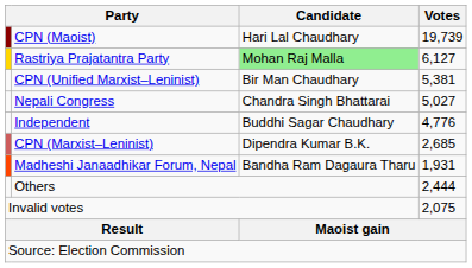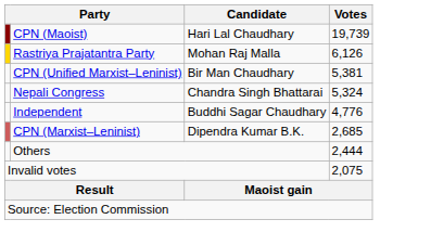 <table class="wikitable">
 <tr>
 <th colspan="2">Party</th>
 <th>Candidate</th>
 <th>Votes</th>
 </tr>
 <tr>
 <td style="background-color:darkred"></td>
 <td><a href='#'>CPN (Maoist)</a></td>
 <td>Hari Lal Chaudhary</td>
 <td>19,739</td>
 </tr>
 <tr>
 <td style="background-color:gold"></td>
 <td><a href='#'>Rastriya Prajatantra Party</a></td>
-<td style="background: lightgreen;">Mohan Raj Malla</td>
-<td>6,127</td>
+<td>Mohan Raj Malla</td>
+<td>6,126</td>
 </tr>
 <tr>
 <td style="background-color:"></td>
 <td><a href='#'>CPN (Unified Marxist–Leninist)</a></td>
 <td>Bir Man Chaudhary</td>
 <td>5,381</td>
 </tr>
 <tr>
 <td style="background-color:"></td>
 <td><a href='#'>Nepali Congress</a></td>
 <td>Chandra Singh Bhattarai</td>
-<td>5,027</td>
+<td>5,324</td>
 </tr>
 <tr>
 <td style="background-color:"></td>
 <td><a href='#'>Independent</a></td>
 <td>Buddhi Sagar Chaudhary</td>
 <td>4,776</td>
 </tr>
 <tr>
 <td style="background-color:indianred"></td>
 <td><a href='#'>CPN (Marxist–Leninist)</a></td>
 <td>Dipendra Kumar B.K.</td>
 <td>2,685</td>
-</tr>
-<tr>
-<td style="background-color:orangered"></td>
-<td><a href='#'>Madheshi Janaadhikar Forum, Nepal</a></td>
-<td>Bandha Ram Dagaura Tharu</td>
-<td>1,931</td>
 </tr>
 <tr>
 <td></td>
 <td colspan="2">Others</td>
 <td>2,444</td>
 </tr>
 <tr>
 <td colspan="3">Invalid votes</td>
 <td>2,075</td>
 </tr>
 <tr>
 <th colspan="2">Result</th>
 <th colspan="2">Maoist gain</th>
 </tr>
 <tr>
 <td colspan="4">Source: Election Commission</td>
 </tr>
 </table>
